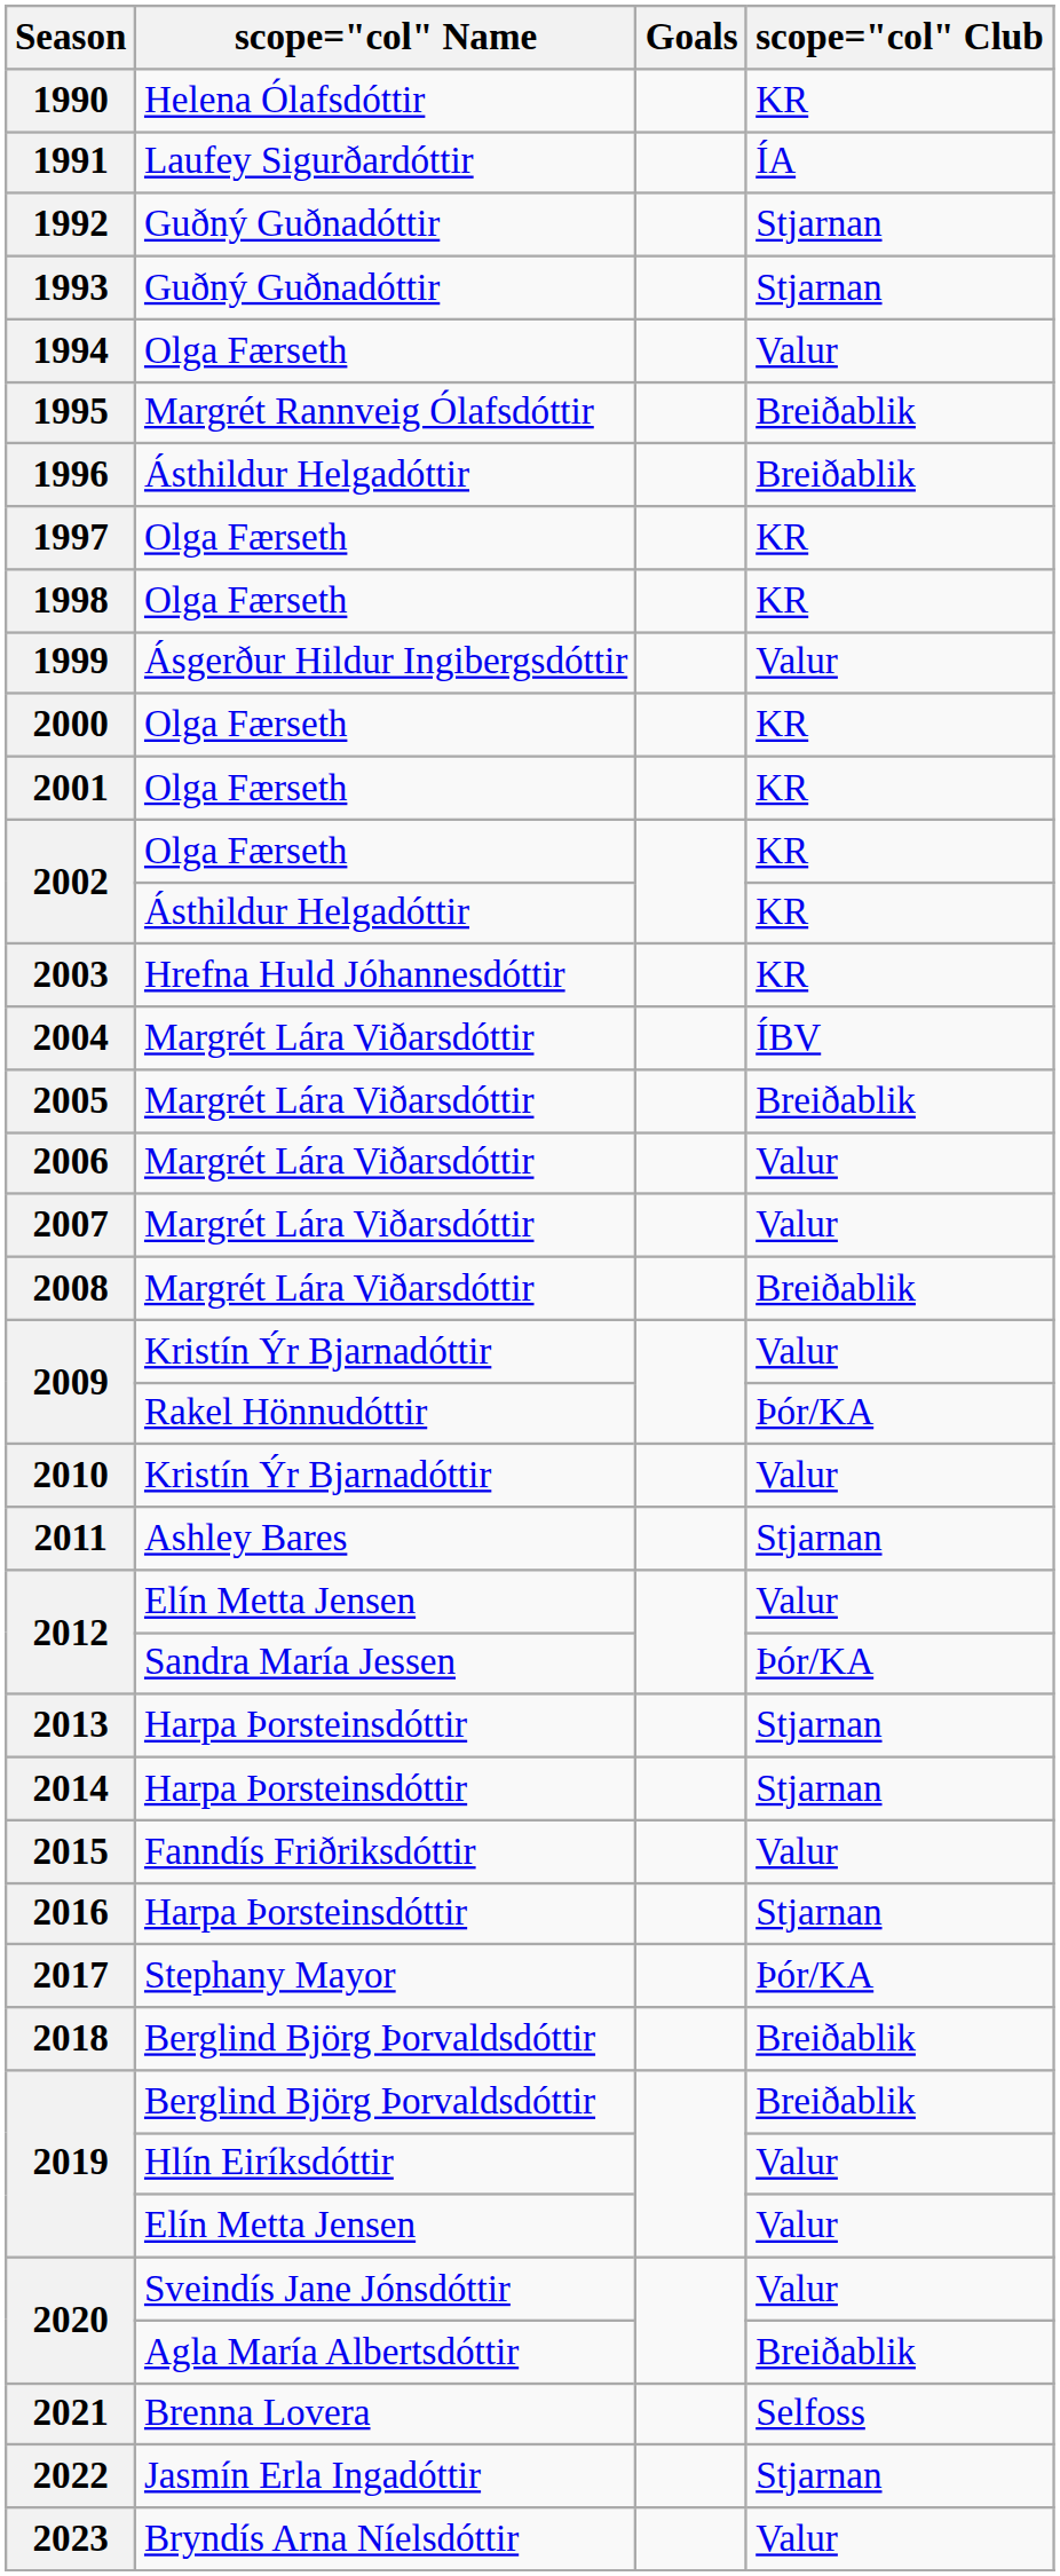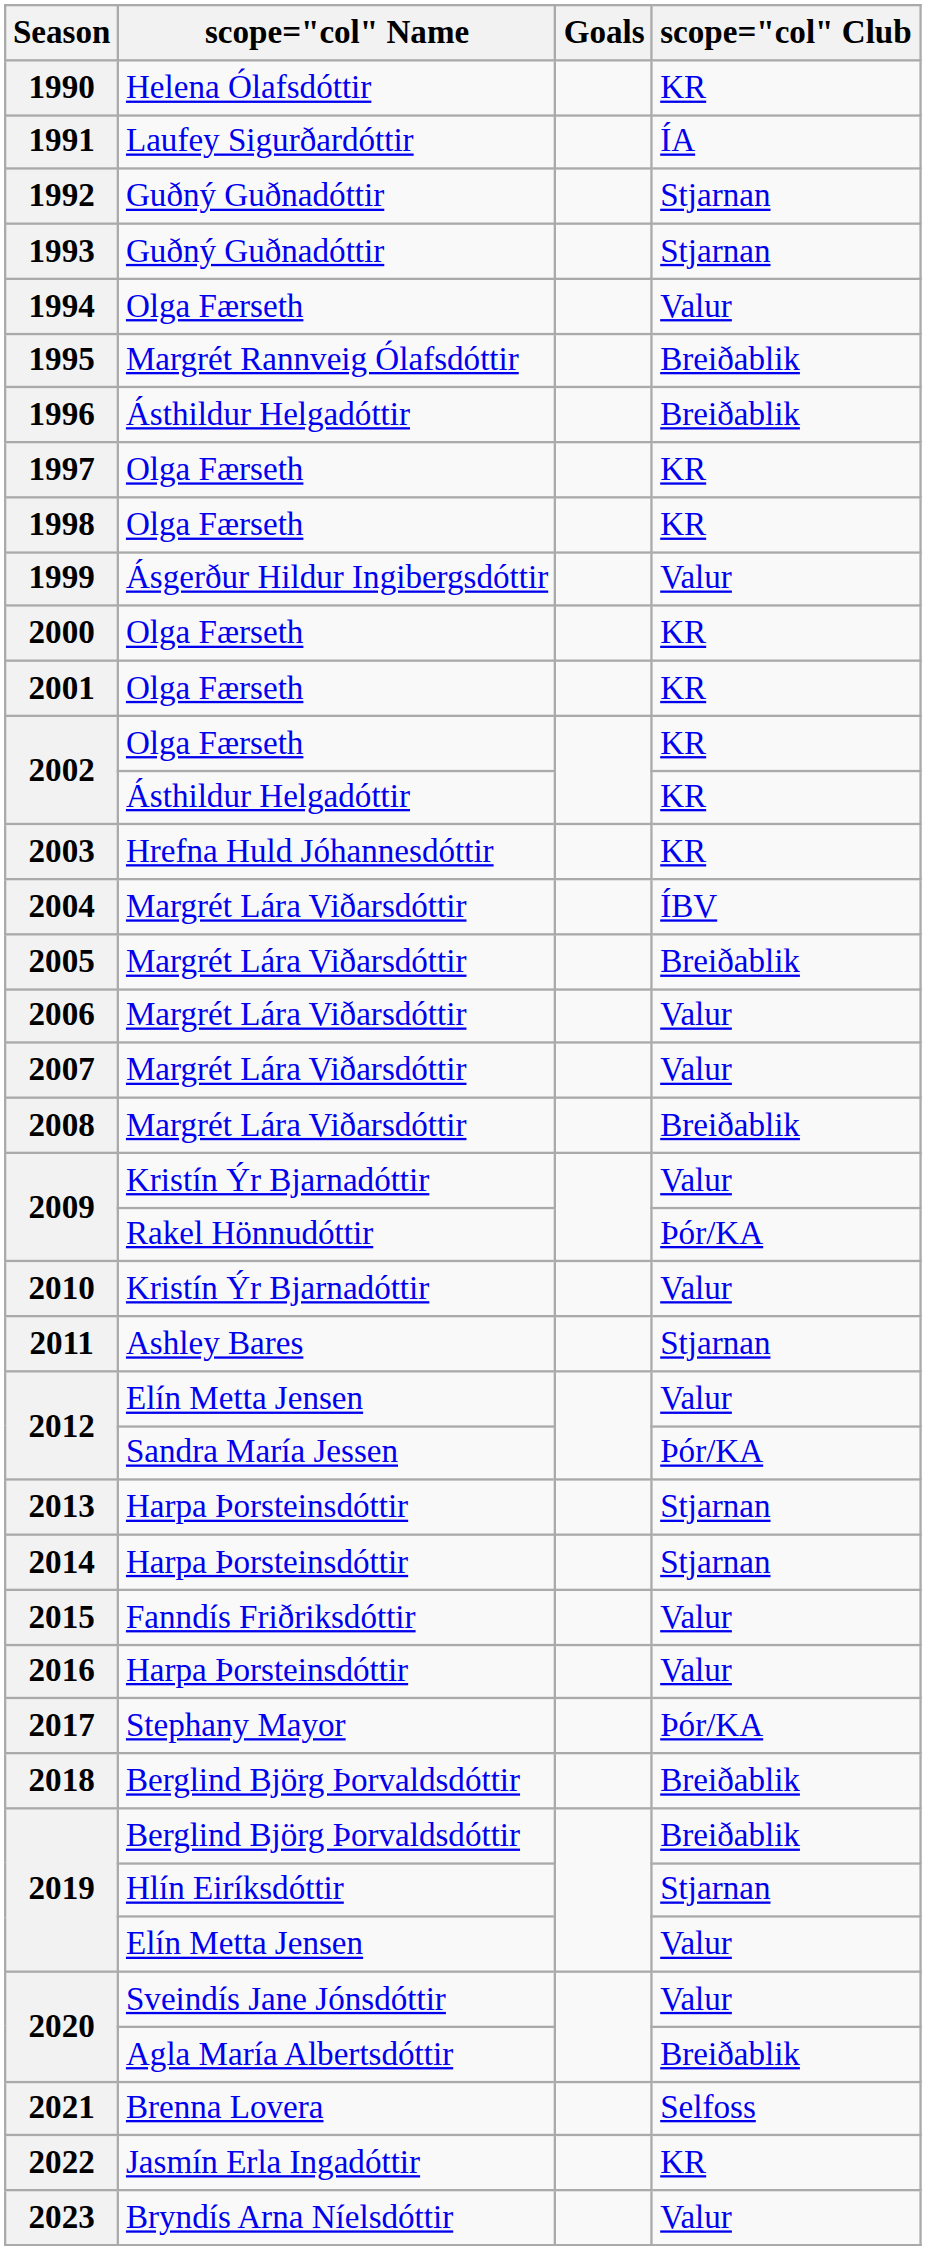 <table class="wikitable sortable" style="font-size:90%;">
 <tr>
 <th scope="col">Season</th>
 <th>scope="col" Name</th>
 <th>Goals</th>
 <th>scope="col" Club</th>
 </tr>
 <tr>
 <th scope="row">1990</th>
 <td> <a href='#'>Helena Ólafsdóttir</a></td>
 <td></td>
 <td><a href='#'>KR</a></td>
 </tr>
 <tr>
 <th scope="row">1991</th>
 <td> <a href='#'>Laufey Sigurðardóttir</a></td>
 <td></td>
 <td><a href='#'>ÍA</a></td>
 </tr>
 <tr>
 <th scope="row">1992</th>
 <td> <a href='#'>Guðný Guðnadóttir</a></td>
 <td></td>
 <td><a href='#'>Stjarnan</a></td>
 </tr>
 <tr>
 <th scope="row">1993</th>
 <td> <a href='#'>Guðný Guðnadóttir</a></td>
 <td></td>
 <td><a href='#'>Stjarnan</a></td>
 </tr>
 <tr>
 <th scope="row">1994</th>
 <td> <a href='#'>Olga Færseth</a></td>
 <td></td>
 <td><a href='#'>Valur</a></td>
 </tr>
 <tr>
 <th scope="row">1995</th>
 <td> <a href='#'>Margrét Rannveig Ólafsdóttir</a></td>
 <td></td>
 <td><a href='#'>Breiðablik</a></td>
 </tr>
 <tr>
 <th scope="row">1996</th>
 <td> <a href='#'>Ásthildur Helgadóttir</a></td>
 <td></td>
 <td><a href='#'>Breiðablik</a></td>
 </tr>
 <tr>
 <th scope="row">1997</th>
 <td> <a href='#'>Olga Færseth</a></td>
 <td></td>
 <td><a href='#'>KR</a></td>
 </tr>
 <tr>
 <th scope="row">1998</th>
 <td> <a href='#'>Olga Færseth</a></td>
 <td></td>
 <td><a href='#'>KR</a></td>
 </tr>
 <tr>
 <th scope="row">1999</th>
 <td> <a href='#'>Ásgerður Hildur Ingibergsdóttir</a></td>
 <td></td>
 <td><a href='#'>Valur</a></td>
 </tr>
 <tr>
 <th scope="row">2000</th>
 <td> <a href='#'>Olga Færseth</a></td>
 <td></td>
 <td><a href='#'>KR</a></td>
 </tr>
 <tr>
 <th scope="row">2001</th>
 <td> <a href='#'>Olga Færseth</a></td>
 <td></td>
 <td><a href='#'>KR</a></td>
 </tr>
 <tr>
 <th rowspan=2 scope="row">2002</th>
 <td> <a href='#'>Olga Færseth</a></td>
 <td rowspan=2></td>
 <td><a href='#'>KR</a></td>
 </tr>
 <tr>
 <td> <a href='#'>Ásthildur Helgadóttir</a></td>
 <td><a href='#'>KR</a></td>
 </tr>
 <tr>
 <th scope="row">2003</th>
 <td> <a href='#'>Hrefna Huld Jóhannesdóttir</a></td>
 <td></td>
 <td><a href='#'>KR</a></td>
 </tr>
 <tr>
 <th scope="row">2004</th>
 <td> <a href='#'>Margrét Lára Viðarsdóttir</a></td>
 <td></td>
 <td><a href='#'>ÍBV</a></td>
 </tr>
 <tr>
 <th scope="row">2005</th>
 <td> <a href='#'>Margrét Lára Viðarsdóttir</a></td>
 <td></td>
 <td><a href='#'>Breiðablik</a></td>
 </tr>
 <tr>
 <th scope="row">2006</th>
 <td> <a href='#'>Margrét Lára Viðarsdóttir</a></td>
 <td></td>
 <td><a href='#'>Valur</a></td>
 </tr>
 <tr>
 <th scope="row">2007</th>
 <td> <a href='#'>Margrét Lára Viðarsdóttir</a></td>
 <td></td>
 <td><a href='#'>Valur</a></td>
 </tr>
 <tr>
 <th scope="row">2008</th>
 <td> <a href='#'>Margrét Lára Viðarsdóttir</a></td>
 <td></td>
 <td><a href='#'>Breiðablik</a></td>
 </tr>
 <tr>
 <th rowspan=2 scope="row">2009</th>
 <td> <a href='#'>Kristín Ýr Bjarnadóttir</a></td>
 <td rowspan=2></td>
 <td><a href='#'>Valur</a></td>
 </tr>
 <tr>
 <td> <a href='#'>Rakel Hönnudóttir</a></td>
 <td><a href='#'>Þór/KA</a></td>
 </tr>
 <tr>
 <th scope="row">2010</th>
 <td> <a href='#'>Kristín Ýr Bjarnadóttir</a></td>
 <td></td>
 <td><a href='#'>Valur</a></td>
 </tr>
 <tr>
 <th scope="row">2011</th>
 <td> <a href='#'>Ashley Bares</a></td>
 <td></td>
 <td><a href='#'>Stjarnan</a></td>
 </tr>
 <tr>
 <th rowspan=2 scope="row">2012</th>
 <td> <a href='#'>Elín Metta Jensen</a></td>
 <td rowspan=2></td>
 <td><a href='#'>Valur</a></td>
 </tr>
 <tr>
 <td> <a href='#'>Sandra María Jessen</a></td>
 <td><a href='#'>Þór/KA</a></td>
 </tr>
 <tr>
 <th scope="row">2013</th>
 <td> <a href='#'>Harpa Þorsteinsdóttir</a></td>
 <td></td>
 <td><a href='#'>Stjarnan</a></td>
 </tr>
 <tr>
 <th scope="row">2014</th>
 <td> <a href='#'>Harpa Þorsteinsdóttir</a></td>
 <td></td>
 <td><a href='#'>Stjarnan</a></td>
 </tr>
 <tr>
 <th scope="row">2015</th>
 <td> <a href='#'>Fanndís Friðriksdóttir</a></td>
 <td></td>
 <td><a href='#'>Valur</a></td>
 </tr>
 <tr>
 <th scope="row">2016</th>
 <td> <a href='#'>Harpa Þorsteinsdóttir</a></td>
 <td></td>
-<td><a href='#'>Stjarnan</a></td>
+<td><a href='#'>Valur</a></td>
 </tr>
 <tr>
 <th scope="row">2017</th>
 <td> <a href='#'>Stephany Mayor</a></td>
 <td></td>
 <td><a href='#'>Þór/KA</a></td>
 </tr>
 <tr>
 <th scope="row">2018</th>
 <td> <a href='#'>Berglind Björg Þorvaldsdóttir</a></td>
 <td></td>
 <td><a href='#'>Breiðablik</a></td>
 </tr>
 <tr>
 <th rowspan=3 scope="row">2019</th>
 <td> <a href='#'>Berglind Björg Þorvaldsdóttir</a></td>
 <td rowspan=3></td>
 <td><a href='#'>Breiðablik</a></td>
 </tr>
 <tr>
 <td> <a href='#'>Hlín Eiríksdóttir</a></td>
-<td><a href='#'>Valur</a></td>
+<td><a href='#'>Stjarnan</a></td>
 </tr>
 <tr>
 <td> <a href='#'>Elín Metta Jensen</a></td>
 <td><a href='#'>Valur</a></td>
 </tr>
 <tr>
 <th rowspan=2 scope="row">2020</th>
 <td> <a href='#'>Sveindís Jane Jónsdóttir</a></td>
 <td rowspan=2></td>
 <td><a href='#'>Valur</a></td>
 </tr>
 <tr>
 <td> <a href='#'>Agla María Albertsdóttir</a></td>
 <td><a href='#'>Breiðablik</a></td>
 </tr>
 <tr>
 <th scope="row">2021</th>
 <td> <a href='#'>Brenna Lovera</a></td>
 <td></td>
 <td><a href='#'>Selfoss</a></td>
 </tr>
 <tr>
 <th scope="row">2022</th>
 <td> <a href='#'>Jasmín Erla Ingadóttir</a></td>
 <td></td>
-<td><a href='#'>Stjarnan</a></td>
+<td><a href='#'>KR</a></td>
 </tr>
 <tr>
 <th scope="row">2023</th>
 <td> <a href='#'>Bryndís Arna Níelsdóttir</a></td>
 <td></td>
 <td><a href='#'>Valur</a></td>
 </tr>
 <tr>
 </tr>
 </table>
